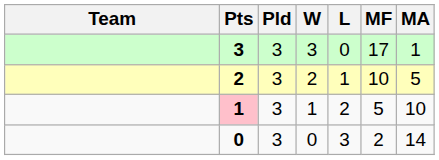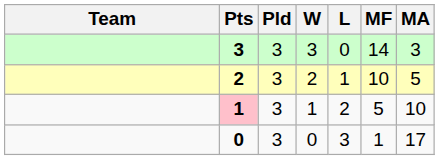 <table class=wikitable style="text-align:center">
 <tr>
 <th width=175>Team</th>
 <th width=20>Pts</th>
 <th width=20>Pld</th>
 <th width=20>W</th>
 <th width=20>L</th>
 <th width=20>MF</th>
 <th width=20>MA</th>
 </tr>
 <tr bgcolor=#ccffcc>
 <td style="text-align:left"></td>
 <td><strong>3</strong></td>
 <td>3</td>
 <td>3</td>
 <td>0</td>
-<td>17</td>
-<td>1</td>
+<td>14</td>
+<td>3</td>
 </tr>
 <tr bgcolor=#ffffbb>
 <td style="text-align:left"></td>
 <td><strong>2</strong></td>
 <td>3</td>
 <td>2</td>
 <td>1</td>
 <td>10</td>
 <td>5</td>
 </tr>
 <tr>
 <td style="text-align:left"></td>
 <td style="background: pink;"><strong>1</strong></td>
 <td>3</td>
 <td>1</td>
 <td>2</td>
 <td>5</td>
 <td>10</td>
 </tr>
 <tr>
 <td style="text-align:left"></td>
 <td><strong>0</strong></td>
 <td>3</td>
 <td>0</td>
 <td>3</td>
-<td>2</td>
-<td>14</td>
+<td>1</td>
+<td>17</td>
 </tr>
 </table>
